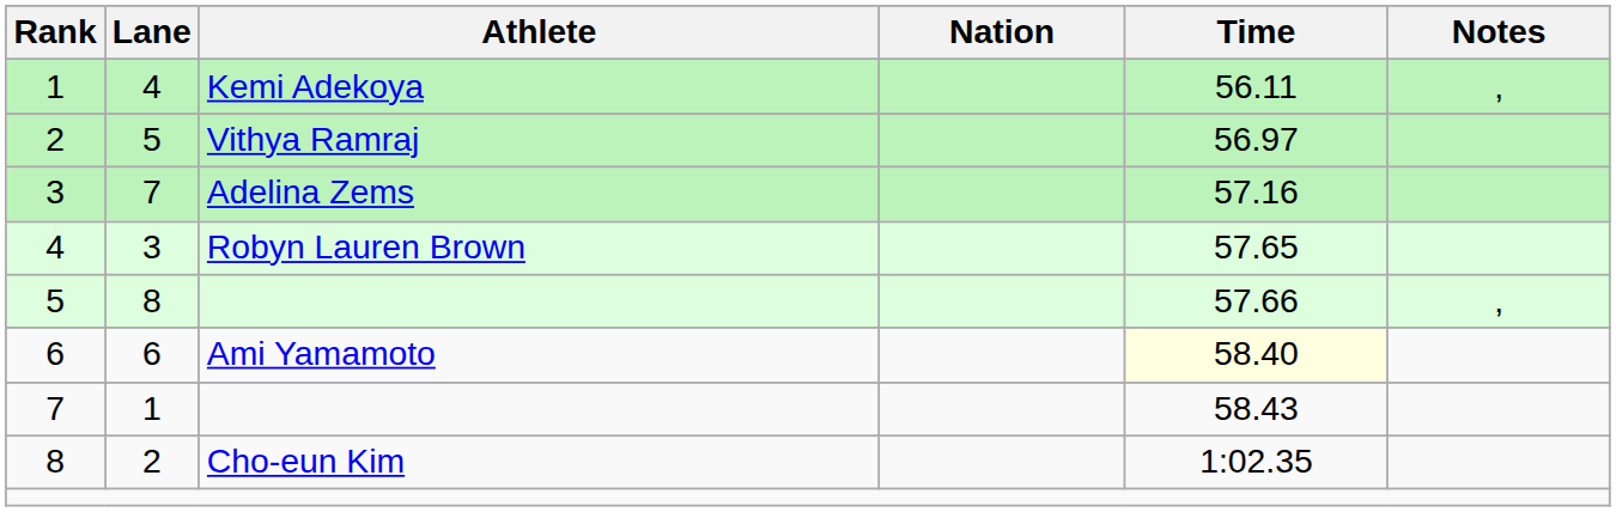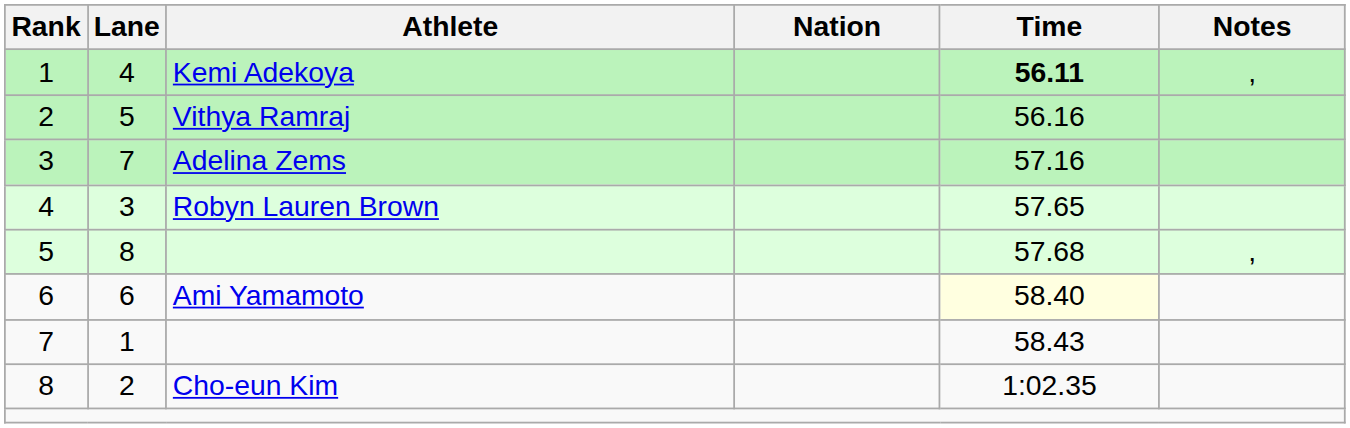 <table class="wikitable sortable" style="text-align:center;width: 60%;">
 <tr>
 <th scope="col" style="width: 10px;">Rank</th>
 <th scope="col" style="width: 10px;">Lane</th>
 <th scope="col">Athlete</th>
 <th scope="col">Nation</th>
 <th scope="col">Time</th>
 <th scope="col">Notes</th>
 </tr>
 <tr bgcolor=bbf3bb>
 <td>1</td>
 <td>4</td>
 <td align="left"><a href='#'>Kemi Adekoya</a></td>
 <td align="left"></td>
-<td>56.11</td>
+<td><strong>56.11</strong></td>
 <td>, </td>
 </tr>
 <tr bgcolor=bbf3bb>
 <td>2</td>
 <td>5</td>
 <td align="left"><a href='#'>Vithya Ramraj</a></td>
 <td align="left"></td>
-<td>56.97</td>
+<td>56.16</td>
 <td></td>
 </tr>
 <tr bgcolor=bbf3bb>
 <td>3</td>
 <td>7</td>
 <td align="left"><a href='#'>Adelina Zems</a></td>
 <td align="left"></td>
 <td>57.16</td>
 <td></td>
 </tr>
 <tr bgcolor=ddffdd>
 <td>4</td>
 <td>3</td>
 <td align="left"><a href='#'>Robyn Lauren Brown</a></td>
 <td align="left"></td>
 <td>57.65</td>
 <td></td>
 </tr>
 <tr bgcolor=ddffdd>
 <td>5</td>
 <td>8</td>
 <td align="left"></td>
 <td align="left"></td>
-<td>57.66</td>
+<td>57.68</td>
 <td>, </td>
 </tr>
 <tr>
 <td>6</td>
 <td>6</td>
 <td align="left"><a href='#'>Ami Yamamoto</a></td>
 <td align="left"></td>
 <td style="background: lightyellow;">58.40</td>
 <td></td>
 </tr>
 <tr>
 <td>7</td>
 <td>1</td>
 <td align="left"></td>
 <td align="left"></td>
 <td>58.43</td>
 <td></td>
 </tr>
 <tr>
 <td>8</td>
 <td>2</td>
 <td align="left"><a href='#'>Cho-eun Kim</a></td>
 <td align="left"></td>
 <td>1:02.35</td>
 <td></td>
 </tr>
 <tr class="sortbottom">
 <td colspan="6"></td>
 </tr>
 </table>
